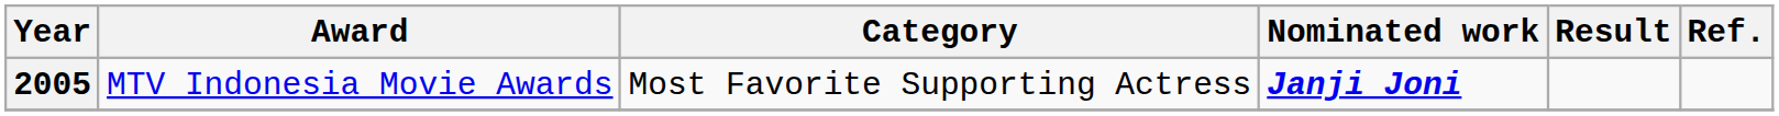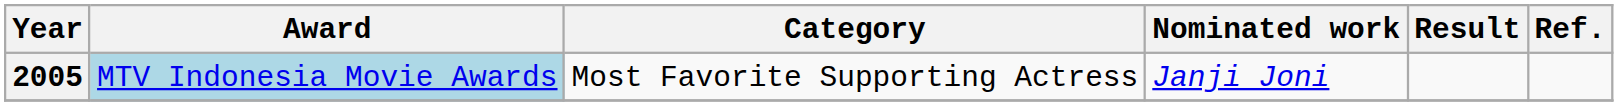 <table class="wikitable sortable">
 <tr>
 <th>Year</th>
 <th>Award</th>
 <th>Category</th>
 <th>Nominated work</th>
 <th>Result</th>
 <th>Ref.</th>
 </tr>
 <tr>
 <th>2005</th>
-<td><a href='#'>MTV Indonesia Movie Awards</a></td>
+<td style="background: lightblue;"><a href='#'>MTV Indonesia Movie Awards</a></td>
 <td>Most Favorite Supporting Actress</td>
-<td><strong><em><a href='#'>Janji Joni</a></em></strong></td>
+<td><em><a href='#'>Janji Joni</a></em></td>
 <td></td>
 <td></td>
 </tr>
 <tr>
 </tr>
 </table>
